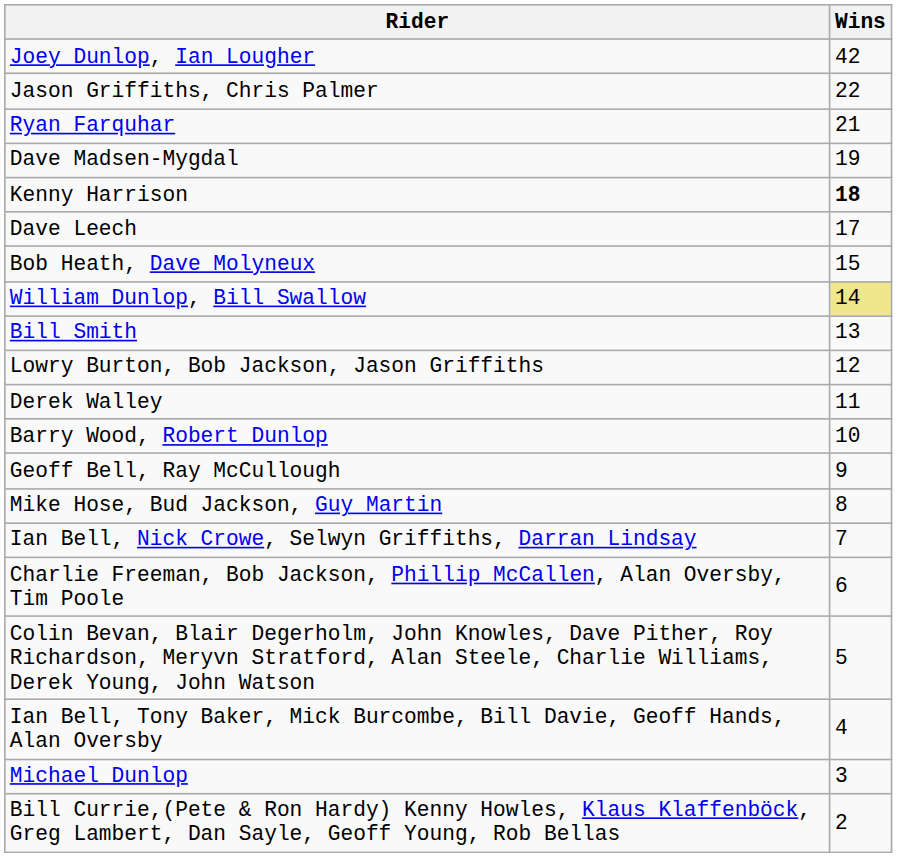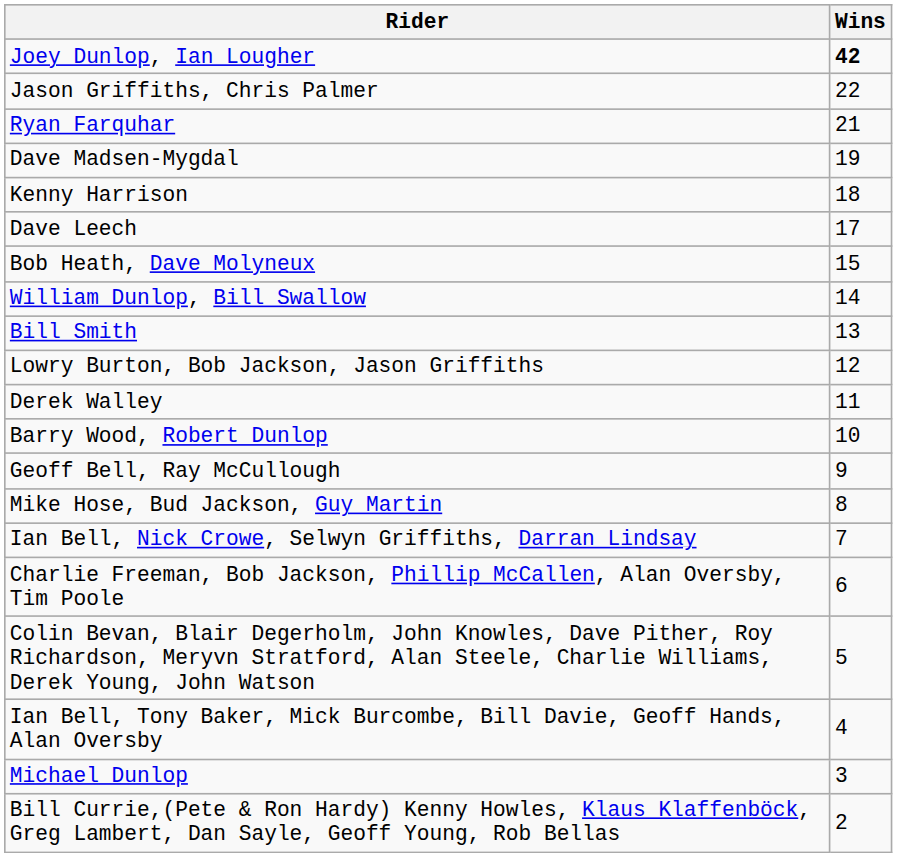 <table class="wikitable">
 <tr>
 <th width=500pt>Rider</th>
 <th>Wins</th>
 </tr>
 <tr>
 <td><a href='#'>Joey Dunlop</a>, <a href='#'>Ian Lougher</a></td>
-<td>42</td>
+<td><strong>42</strong></td>
 </tr>
 <tr>
 <td>Jason Griffiths, Chris Palmer</td>
 <td>22</td>
 </tr>
 <tr>
 <td><a href='#'>Ryan Farquhar</a></td>
 <td>21</td>
 </tr>
 <tr>
 <td>Dave Madsen-Mygdal</td>
 <td>19</td>
 </tr>
 <tr>
 <td>Kenny Harrison</td>
-<td><strong>18</strong></td>
+<td>18</td>
 </tr>
 <tr>
 <td>Dave Leech</td>
 <td>17</td>
 </tr>
 <tr>
 <td>Bob Heath, <a href='#'>Dave Molyneux</a></td>
 <td>15</td>
 </tr>
 <tr>
 <td><a href='#'>William Dunlop</a>, <a href='#'>Bill Swallow</a></td>
-<td style="background: khaki;">14</td>
+<td>14</td>
 </tr>
 <tr>
 <td><a href='#'>Bill Smith</a></td>
 <td>13</td>
 </tr>
 <tr>
 <td>Lowry Burton, Bob Jackson, Jason Griffiths</td>
 <td>12</td>
 </tr>
 <tr>
 <td>Derek Walley</td>
 <td>11</td>
 </tr>
 <tr>
 <td>Barry Wood, <a href='#'>Robert Dunlop</a></td>
 <td>10</td>
 </tr>
 <tr>
 <td>Geoff Bell, Ray McCullough</td>
 <td>9</td>
 </tr>
 <tr>
 <td>Mike Hose, Bud Jackson, <a href='#'>Guy Martin</a></td>
 <td>8</td>
 </tr>
 <tr>
 <td>Ian Bell, <a href='#'>Nick Crowe</a>, Selwyn Griffiths, <a href='#'>Darran Lindsay</a></td>
 <td>7</td>
 </tr>
 <tr>
 <td>Charlie Freeman, Bob Jackson, <a href='#'>Phillip McCallen</a>, Alan Oversby, Tim Poole</td>
 <td>6</td>
 </tr>
 <tr>
 <td>Colin Bevan, Blair Degerholm, John Knowles, Dave Pither, Roy Richardson, Meryvn Stratford, Alan Steele, Charlie Williams, Derek Young, John Watson</td>
 <td>5</td>
 </tr>
 <tr>
 <td>Ian Bell, Tony Baker, Mick Burcombe, Bill Davie, Geoff Hands, Alan Oversby</td>
 <td>4</td>
 </tr>
 <tr>
 <td><a href='#'>Michael Dunlop</a></td>
 <td>3</td>
 </tr>
 <tr>
 <td>Bill Currie,(Pete & Ron Hardy) Kenny Howles, <a href='#'>Klaus Klaffenböck</a>, Greg Lambert, Dan Sayle, Geoff Young, Rob Bellas</td>
 <td>2</td>
 </tr>
 </table>
